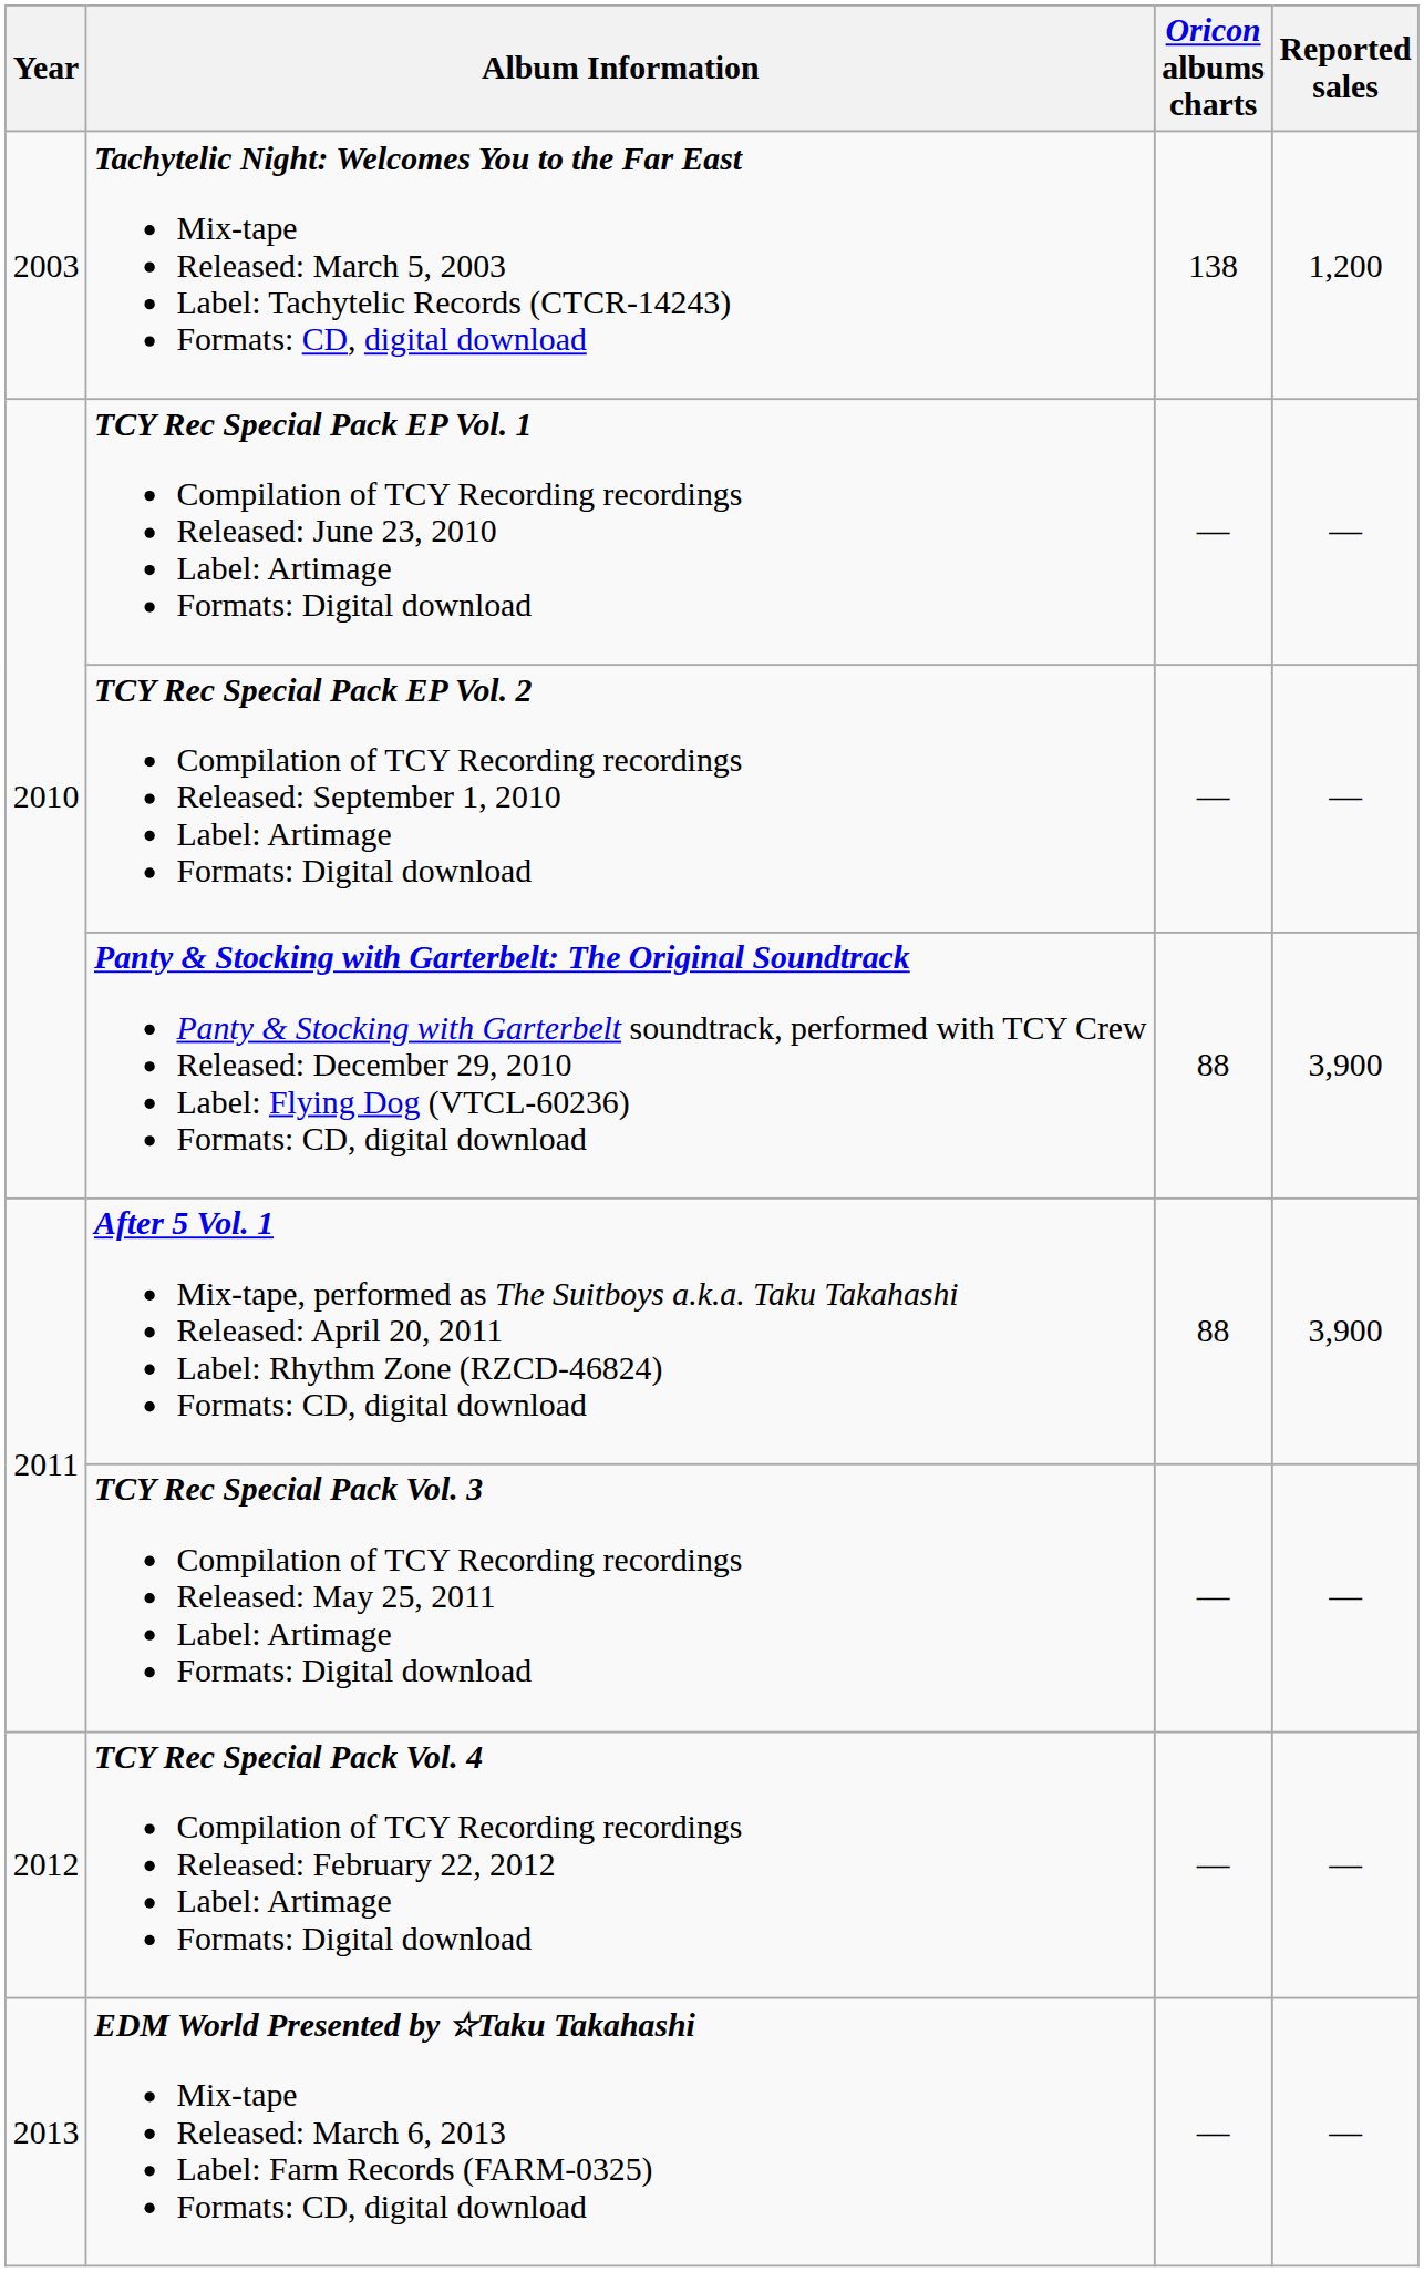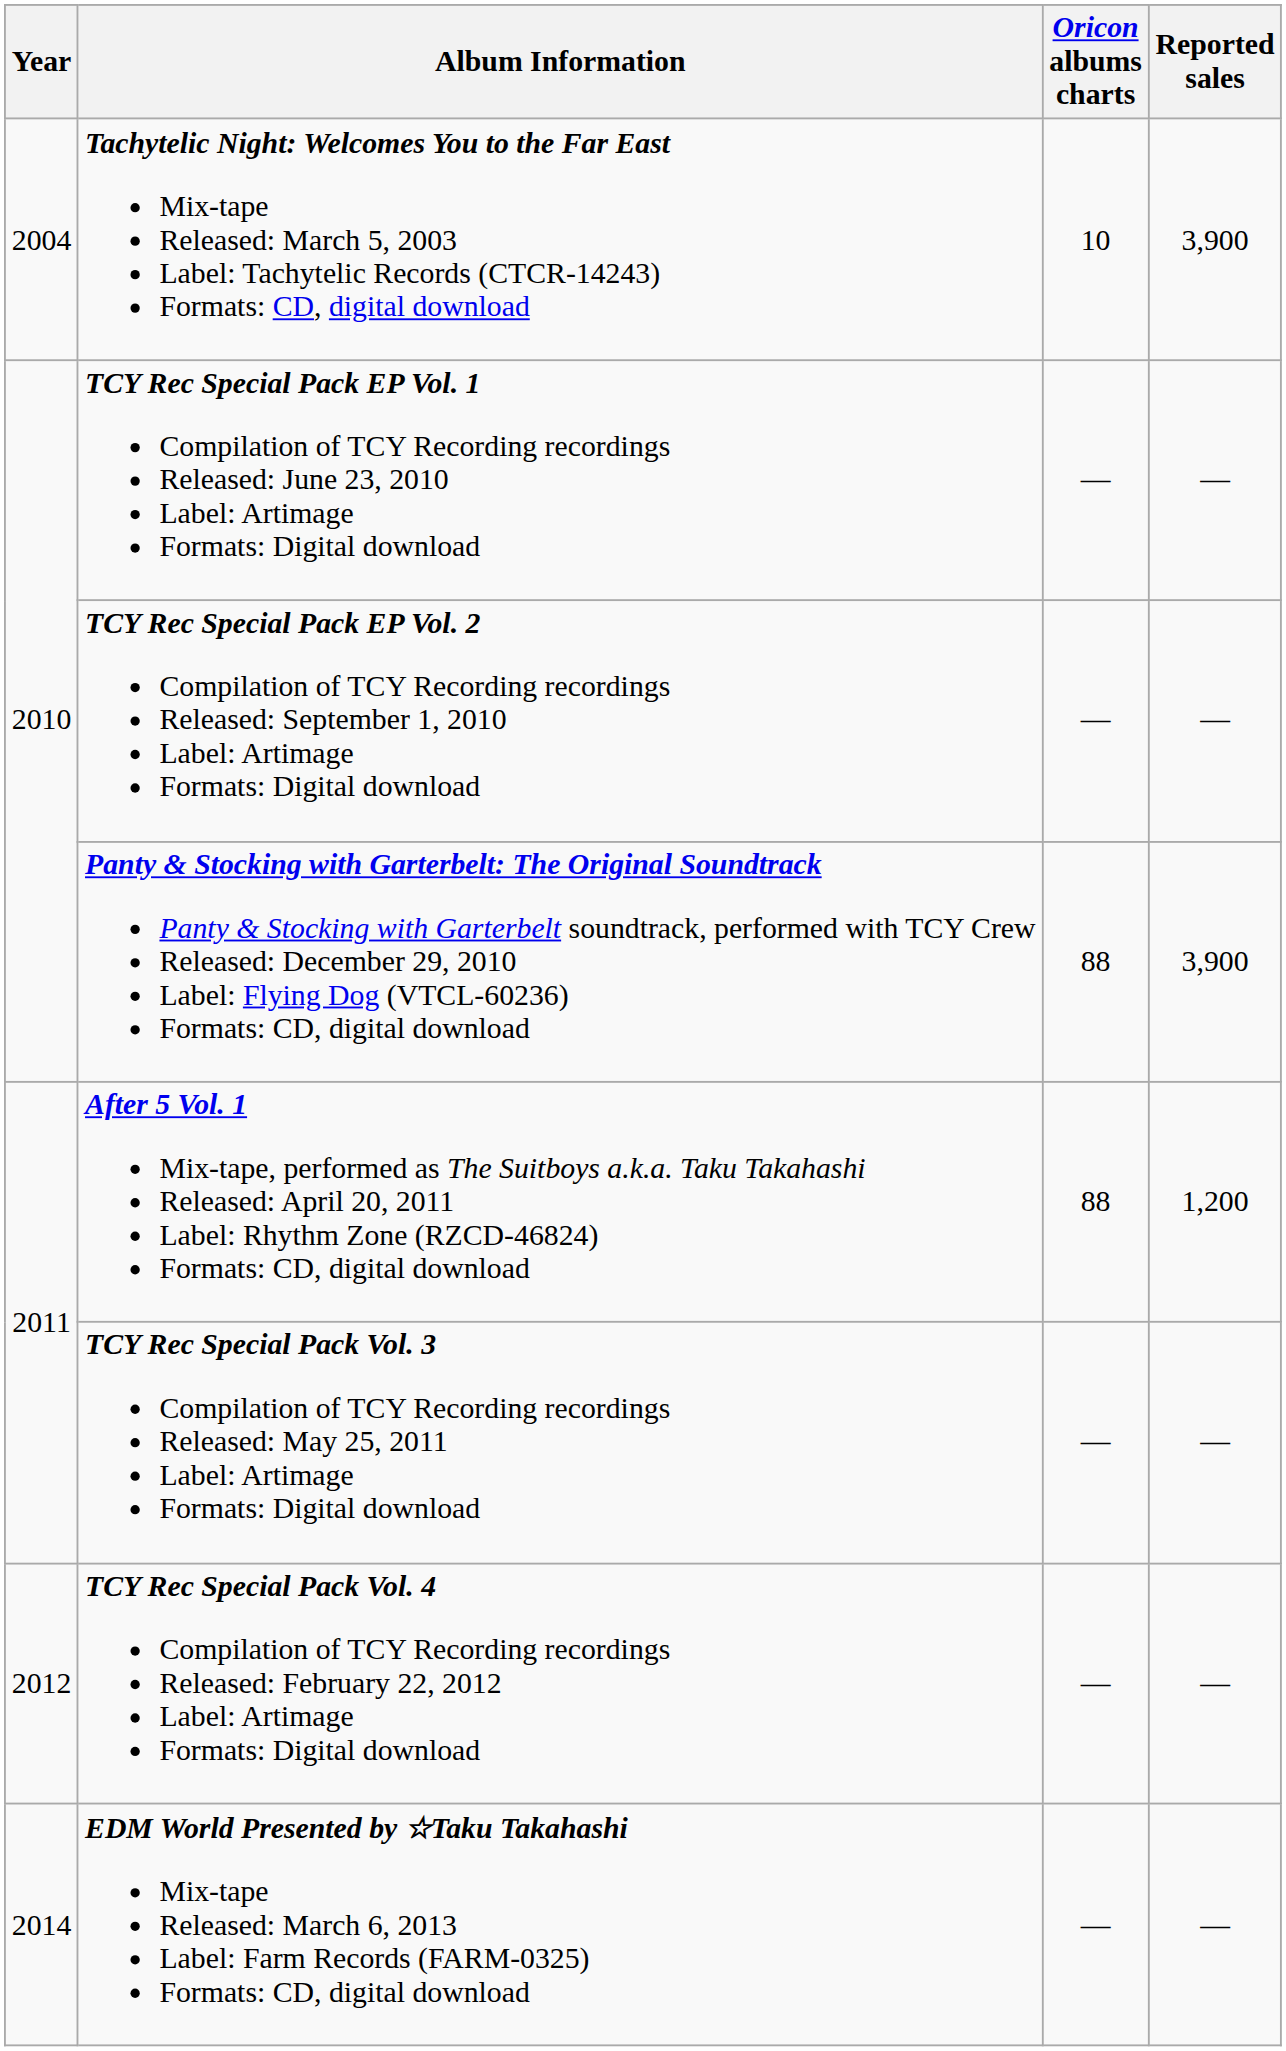 <table class="wikitable">
 <tr>
 <th rowspan="1">Year</th>
 <th rowspan="1">Album Information</th>
 <th colspan="1"><em><a href='#'>Oricon</a></em><br>albums<br>charts<br></th>
 <th colspan="1">Reported<br>sales<br></th>
 </tr>
 <tr>
-<td align="center">2003</td>
+<td align="center">2004</td>
 <td><strong><em>Tachytelic Night: Welcomes You to the Far East</em></strong><br><ul><li>Mix-tape</li><li>Released: March 5, 2003</li><li>Label: Tachytelic Records (CTCR-14243)</li><li>Formats: <a href='#'>CD</a>, <a href='#'>digital download</a></li></ul></td>
-<td align="center">138</td>
-<td align="center">1,200</td>
+<td align="center">10</td>
+<td align="center">3,900</td>
 </tr>
 <tr>
 <td align="center" rowspan="3">2010</td>
 <td><strong><em>TCY Rec Special Pack EP Vol. 1</em></strong><br><ul><li>Compilation of TCY Recording recordings</li><li>Released: June 23, 2010</li><li>Label: Artimage</li><li>Formats: Digital download</li></ul></td>
 <td align="center">—</td>
 <td align="center">—</td>
 </tr>
 <tr>
 <td><strong><em>TCY Rec Special Pack EP Vol. 2</em></strong><br><ul><li>Compilation of TCY Recording recordings</li><li>Released: September 1, 2010</li><li>Label: Artimage</li><li>Formats: Digital download</li></ul></td>
 <td align="center">—</td>
 <td align="center">—</td>
 </tr>
 <tr>
 <td><strong><em><a href='#'>Panty & Stocking with Garterbelt: The Original Soundtrack</a></em></strong><br><ul><li><em><a href='#'>Panty & Stocking with Garterbelt</a></em> soundtrack, performed with TCY Crew</li><li>Released: December 29, 2010</li><li>Label: <a href='#'>Flying Dog</a> (VTCL-60236)</li><li>Formats: CD, digital download</li></ul></td>
 <td align="center">88</td>
 <td align="center">3,900</td>
 </tr>
 <tr>
 <td align="center" rowspan="2">2011</td>
 <td><strong><em><a href='#'>After 5 Vol. 1</a></em></strong><br><ul><li>Mix-tape, performed as <em>The Suitboys a.k.a. Taku Takahashi</em></li><li>Released: April 20, 2011</li><li>Label: Rhythm Zone (RZCD-46824)</li><li>Formats: CD, digital download</li></ul></td>
 <td align="center">88</td>
-<td align="center">3,900</td>
+<td align="center">1,200</td>
 </tr>
 <tr>
 <td><strong><em>TCY Rec Special Pack Vol. 3</em></strong><br><ul><li>Compilation of TCY Recording recordings</li><li>Released: May 25, 2011</li><li>Label: Artimage</li><li>Formats: Digital download</li></ul></td>
 <td align="center">—</td>
 <td align="center">—</td>
 </tr>
 <tr>
 <td align="center">2012</td>
 <td><strong><em>TCY Rec Special Pack Vol. 4</em></strong><br><ul><li>Compilation of TCY Recording recordings</li><li>Released: February 22, 2012</li><li>Label: Artimage</li><li>Formats: Digital download</li></ul></td>
 <td align="center">—</td>
 <td align="center">—</td>
 </tr>
 <tr>
-<td align="center">2013</td>
+<td align="center">2014</td>
 <td><strong><em>EDM World Presented by ☆Taku Takahashi</em></strong><br><ul><li>Mix-tape</li><li>Released: March 6, 2013</li><li>Label: Farm Records (FARM-0325)</li><li>Formats: CD, digital download</li></ul></td>
 <td align="center">—</td>
 <td align="center">—</td>
 </tr>
 </table>
